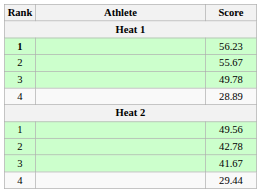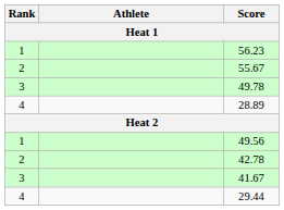 <table class="wikitable" style="text-align:center;">
 <tr>
 <th width=40>Rank</th>
 <th width=250>Athlete</th>
 <th width=70>Score</th>
 </tr>
 <tr>
 <th colspan=3>Heat 1</th>
 </tr>
 <tr bgcolor="ccffcc">
-<td><strong>1</strong></td>
+<td>1</td>
 <td align=left></td>
 <td>56.23</td>
 </tr>
 <tr bgcolor="ccffcc">
 <td>2</td>
 <td align=left></td>
 <td>55.67</td>
 </tr>
 <tr bgcolor="ccffcc">
 <td>3</td>
 <td align=left></td>
 <td>49.78</td>
 </tr>
 <tr>
 <td>4</td>
 <td align=left></td>
 <td>28.89</td>
 </tr>
 <tr>
 <th colspan=3>Heat 2</th>
 </tr>
 <tr bgcolor="ccffcc">
 <td>1</td>
 <td align=left></td>
 <td>49.56</td>
 </tr>
 <tr bgcolor="ccffcc">
 <td>2</td>
 <td align=left></td>
 <td>42.78</td>
 </tr>
 <tr bgcolor="ccffcc">
 <td>3</td>
 <td align=left></td>
 <td>41.67</td>
 </tr>
 <tr>
 <td>4</td>
 <td align=left></td>
 <td>29.44</td>
 </tr>
 </table>
